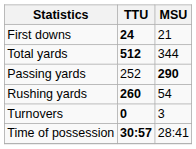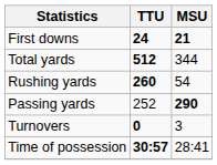 <table class="wikitable" style="float: left;">
 <tr>
 <th>Statistics</th>
 <th>TTU</th>
 <th>MSU</th>
 </tr>
 <tr>
 <td>First downs</td>
 <td><strong>24</strong></td>
-<td>21</td>
+<td><strong>21</strong></td>
 </tr>
 <tr>
 <td>Total yards</td>
 <td><strong>512</strong></td>
 <td>344</td>
 </tr>
 <tr>
+<td>Rushing yards</td>
+<td><strong>260</strong></td>
+<td>54</td>
+</tr>
+<tr>
 <td>Passing yards</td>
 <td>252</td>
 <td><strong>290</strong></td>
-</tr>
-<tr>
-<td>Rushing yards</td>
-<td><strong>260</strong></td>
-<td>54</td>
 </tr>
 <tr>
 <td>Turnovers</td>
 <td><strong>0</strong></td>
 <td>3</td>
 </tr>
 <tr>
 <td>Time of possession</td>
 <td><strong>30:57</strong></td>
 <td>28:41</td>
 </tr>
 <tr>
 </tr>
 </table>
